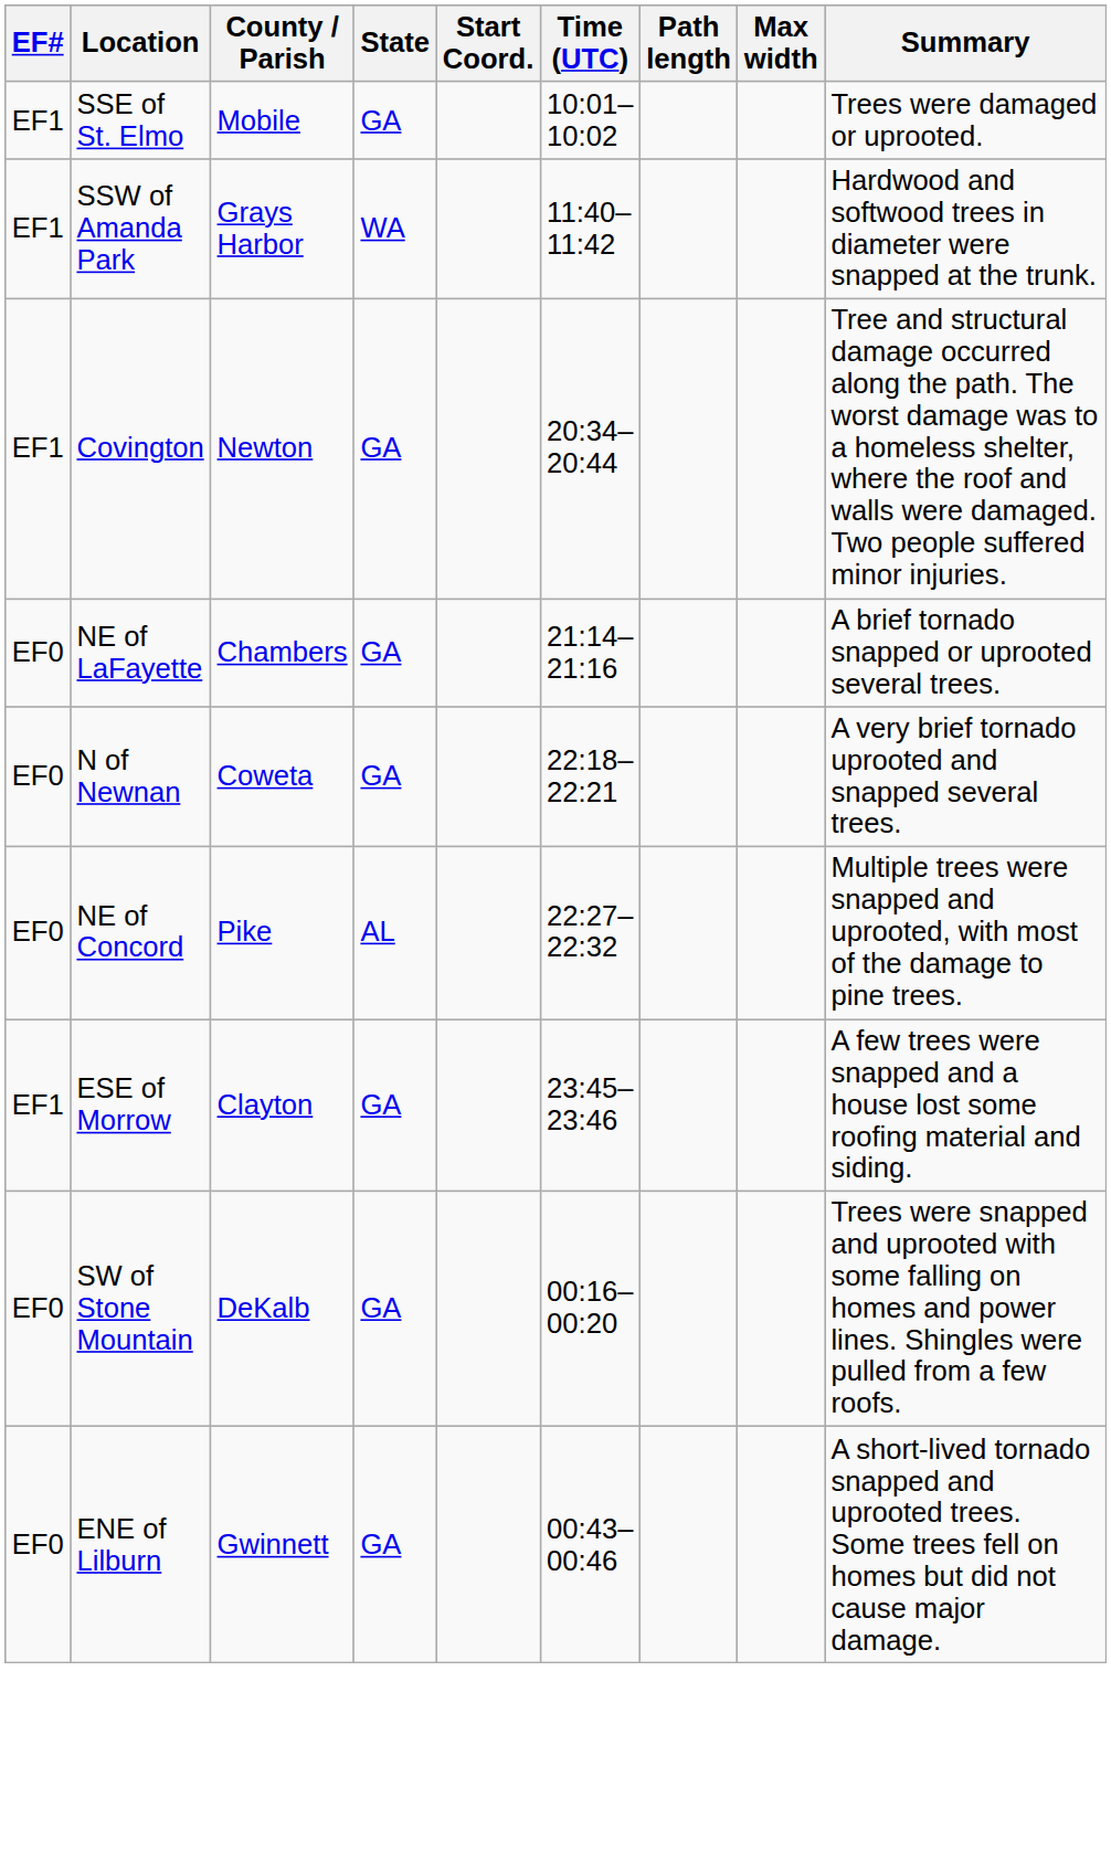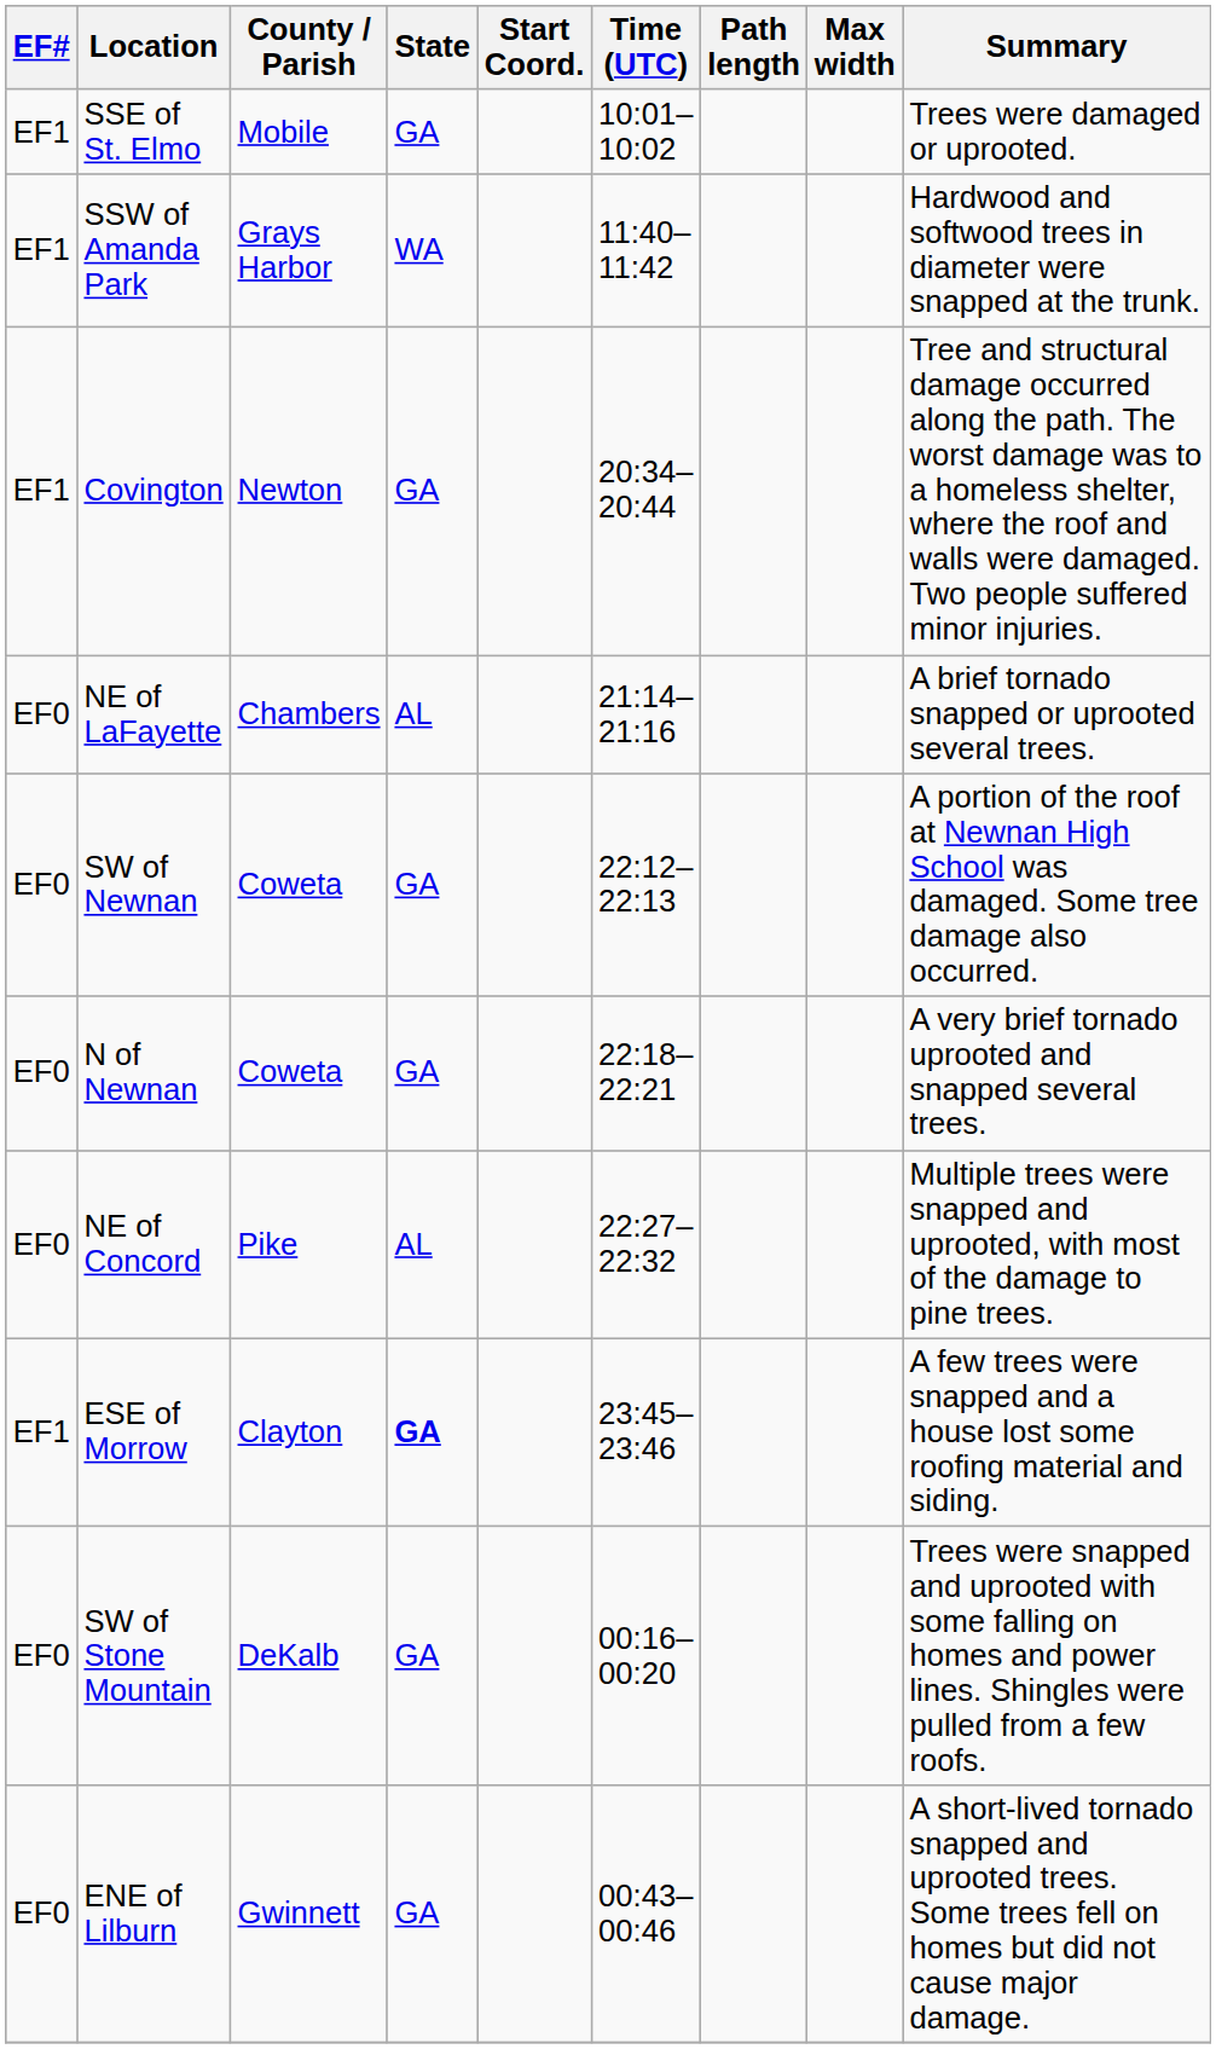 <table class="wikitable sortable" style="width:100%;">
 <tr>
 <th scope="col"  style="width:3%; text-align:center;"><a href='#'>EF#</a></th>
 <th scope="col"  style="width:7%; text-align:center;" class="unsortable">Location</th>
 <th scope="col"  style="width:6%; text-align:center;" class="unsortable">County / Parish</th>
 <th scope="col"  style="width:5%; text-align:center;">State</th>
 <th scope="col"  style="width:6%; text-align:center;">Start Coord.</th>
 <th scope="col"  style="width:6%; text-align:center;">Time (<a href='#'>UTC</a>)</th>
 <th scope="col"  style="width:6%; text-align:center;">Path length</th>
 <th scope="col"  style="width:6%; text-align:center;">Max width</th>
 <th scope="col" class="unsortable" style="width:48%; text-align:center;">Summary</th>
 </tr>
 <tr>
 <td>EF1</td>
 <td>SSE of <a href='#'>St. Elmo</a></td>
 <td><a href='#'>Mobile</a></td>
 <td><a href='#'>GA</a></td>
 <td></td>
 <td>10:01–10:02</td>
 <td></td>
 <td></td>
 <td>Trees were damaged or uprooted.</td>
 </tr>
 <tr>
 <td>EF1</td>
 <td>SSW of <a href='#'>Amanda Park</a></td>
 <td><a href='#'>Grays Harbor</a></td>
 <td><a href='#'>WA</a></td>
 <td></td>
 <td>11:40–11:42</td>
 <td></td>
 <td></td>
 <td>Hardwood and softwood trees  in diameter were snapped at the trunk.</td>
 </tr>
 <tr>
 <td>EF1</td>
 <td><a href='#'>Covington</a></td>
 <td><a href='#'>Newton</a></td>
 <td><a href='#'>GA</a></td>
 <td></td>
 <td>20:34–20:44</td>
 <td></td>
 <td></td>
 <td>Tree and structural damage occurred along the path. The worst damage was to a homeless shelter, where the roof and walls were damaged. Two people suffered minor injuries.</td>
 </tr>
 <tr>
 <td>EF0</td>
 <td>NE of <a href='#'>LaFayette</a></td>
 <td><a href='#'>Chambers</a></td>
-<td><a href='#'>GA</a></td>
+<td><a href='#'>AL</a></td>
 <td></td>
 <td>21:14–21:16</td>
 <td></td>
 <td></td>
 <td>A brief tornado snapped or uprooted several trees.</td>
+</tr>
+<tr>
+<td>EF0</td>
+<td>SW of <a href='#'>Newnan</a></td>
+<td><a href='#'>Coweta</a></td>
+<td><a href='#'>GA</a></td>
+<td></td>
+<td>22:12–22:13</td>
+<td></td>
+<td></td>
+<td>A portion of the roof at <a href='#'>Newnan High School</a> was damaged. Some tree damage also occurred.</td>
 </tr>
 <tr>
 <td>EF0</td>
 <td>N of <a href='#'>Newnan</a></td>
 <td><a href='#'>Coweta</a></td>
 <td><a href='#'>GA</a></td>
 <td></td>
 <td>22:18–22:21</td>
 <td></td>
 <td></td>
 <td>A very brief tornado uprooted and snapped several trees.</td>
 </tr>
 <tr>
 <td>EF0</td>
 <td>NE of <a href='#'>Concord</a></td>
 <td><a href='#'>Pike</a></td>
 <td><a href='#'>AL</a></td>
 <td></td>
 <td>22:27–22:32</td>
 <td></td>
 <td></td>
 <td>Multiple trees were snapped and uprooted, with most of the damage to pine trees.</td>
 </tr>
 <tr>
 <td>EF1</td>
 <td>ESE of <a href='#'>Morrow</a></td>
 <td><a href='#'>Clayton</a></td>
-<td><a href='#'>GA</a></td>
+<td><strong><a href='#'>GA</a></strong></td>
 <td></td>
 <td>23:45–23:46</td>
 <td></td>
 <td></td>
 <td>A few trees were snapped and a house lost some roofing material and siding.</td>
 </tr>
 <tr>
 <td>EF0</td>
 <td>SW of <a href='#'>Stone Mountain</a></td>
 <td><a href='#'>DeKalb</a></td>
 <td><a href='#'>GA</a></td>
 <td></td>
 <td>00:16–00:20</td>
 <td></td>
 <td></td>
 <td>Trees were snapped and uprooted with some falling on homes and power lines. Shingles were pulled from a few roofs.</td>
 </tr>
 <tr>
 <td>EF0</td>
 <td>ENE of <a href='#'>Lilburn</a></td>
 <td><a href='#'>Gwinnett</a></td>
 <td><a href='#'>GA</a></td>
 <td></td>
 <td>00:43–00:46</td>
 <td></td>
 <td></td>
 <td>A short-lived tornado snapped and uprooted trees. Some trees fell on homes but did not cause major damage.</td>
 </tr>
 <tr>
 </tr>
 </table>
